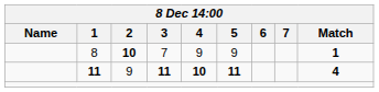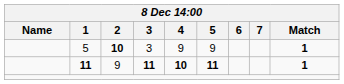 <table class=wikitable style="text-align:center; width: 55%">
 <tr>
 <th colspan=17><em> 8 Dec 14:00</em></th>
 </tr>
 <tr>
 <th>Name</th>
 <th>1</th>
 <th>2</th>
 <th>3</th>
 <th>4</th>
 <th>5</th>
 <th>6</th>
 <th>7</th>
 <th>Match</th>
 </tr>
 <tr>
 <td style="text-align:left;"></td>
-<td>8</td>
+<td>5</td>
 <td><strong>10</strong></td>
-<td>7</td>
+<td>3</td>
 <td>9</td>
 <td>9</td>
 <td></td>
 <td></td>
 <td><strong>1</strong></td>
 </tr>
 <tr>
 <td style="text-align:left;"><strong></strong></td>
 <td><strong>11</strong></td>
 <td>9</td>
 <td><strong>11</strong></td>
 <td><strong>10</strong></td>
 <td><strong>11</strong></td>
 <td></td>
 <td></td>
-<td><strong>4</strong></td>
+<td><strong>1</strong></td>
 </tr>
 <tr>
 <td colspan=17></td>
 </tr>
 </table>
